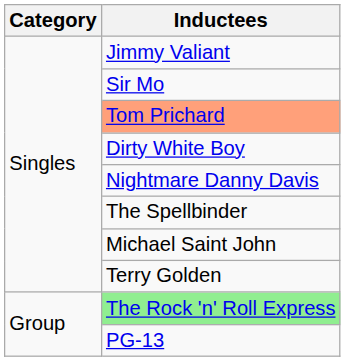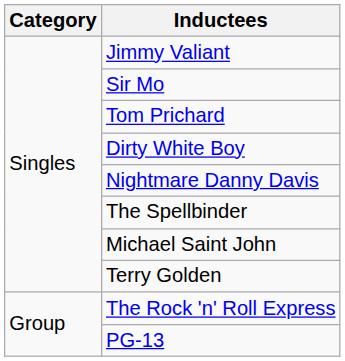 <table class="wikitable">
 <tr>
 <th>Category</th>
 <th>Inductees</th>
 </tr>
 <tr>
 <td rowspan=8>Singles</td>
 <td><a href='#'>Jimmy Valiant</a></td>
 </tr>
 <tr>
 <td><a href='#'>Sir Mo</a></td>
 </tr>
 <tr>
-<td style="background: lightsalmon;"><a href='#'>Tom Prichard</a></td>
+<td><a href='#'>Tom Prichard</a></td>
 </tr>
 <tr>
 <td><a href='#'>Dirty White Boy</a></td>
 </tr>
 <tr>
 <td><a href='#'>Nightmare Danny Davis</a></td>
 </tr>
 <tr>
 <td>The Spellbinder</td>
 </tr>
 <tr>
 <td>Michael Saint John</td>
 </tr>
 <tr>
 <td>Terry Golden</td>
 </tr>
 <tr>
 <td rowspan=2>Group</td>
-<td style="background: lightgreen;"><a href='#'>The Rock 'n' Roll Express</a><br></td>
+<td><a href='#'>The Rock 'n' Roll Express</a><br></td>
 </tr>
 <tr>
 <td><a href='#'>PG-13</a><br></td>
 </tr>
 </table>
